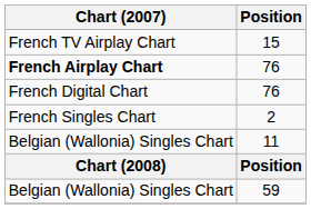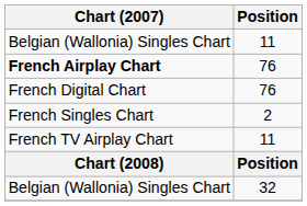 <table class="wikitable sortable">
 <tr>
 <th>Chart (2007)</th>
 <th>Position</th>
 </tr>
 <tr>
-<td>French TV Airplay Chart</td>
-<td align="center">15</td>
+<td>Belgian (Wallonia) Singles Chart</td>
+<td align="center">11</td>
 </tr>
 <tr>
 <td><strong>French Airplay Chart</strong></td>
 <td align="center">76</td>
 </tr>
 <tr>
 <td>French Digital Chart</td>
 <td align="center">76</td>
 </tr>
 <tr>
 <td>French Singles Chart</td>
 <td align="center">2</td>
 </tr>
 <tr>
-<td>Belgian (Wallonia) Singles Chart</td>
+<td>French TV Airplay Chart</td>
 <td align="center">11</td>
 </tr>
 <tr>
 <th>Chart (2008)</th>
 <th>Position</th>
 </tr>
 <tr>
 <td>Belgian (Wallonia) Singles Chart</td>
-<td align="center">59</td>
+<td align="center">32</td>
 </tr>
 <tr>
 </tr>
 </table>
